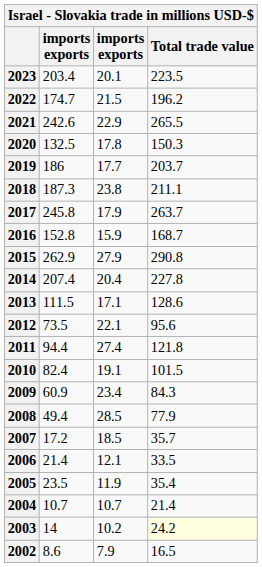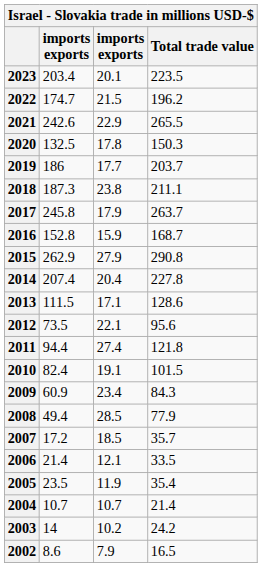 <table class="wikitable">
 <tr>
 <th colspan="4">Israel - Slovakia trade in millions USD-$</th>
 </tr>
 <tr>
 <th></th>
 <th> imports<br> exports</th>
 <th> imports<br> exports</th>
 <th>Total trade value</th>
 </tr>
 <tr>
 <th>2023</th>
 <td>203.4</td>
 <td>20.1</td>
 <td>223.5</td>
 </tr>
 <tr>
 <th>2022</th>
 <td>174.7</td>
 <td>21.5</td>
 <td>196.2</td>
 </tr>
 <tr>
 <th>2021</th>
 <td>242.6</td>
 <td>22.9</td>
 <td>265.5</td>
 </tr>
 <tr>
 <th>2020</th>
 <td>132.5</td>
 <td>17.8</td>
 <td>150.3</td>
 </tr>
 <tr>
 <th>2019</th>
 <td>186</td>
 <td>17.7</td>
 <td>203.7</td>
 </tr>
 <tr>
 <th>2018</th>
 <td>187.3</td>
 <td>23.8</td>
 <td>211.1</td>
 </tr>
 <tr>
 <th>2017</th>
 <td>245.8</td>
 <td>17.9</td>
 <td>263.7</td>
 </tr>
 <tr>
 <th>2016</th>
 <td>152.8</td>
 <td>15.9</td>
 <td>168.7</td>
 </tr>
 <tr>
 <th>2015</th>
 <td>262.9</td>
 <td>27.9</td>
 <td>290.8</td>
 </tr>
 <tr>
 <th>2014</th>
 <td>207.4</td>
 <td>20.4</td>
 <td>227.8</td>
 </tr>
 <tr>
 <th>2013</th>
 <td>111.5</td>
 <td>17.1</td>
 <td>128.6</td>
 </tr>
 <tr>
 <th>2012</th>
 <td>73.5</td>
 <td>22.1</td>
 <td>95.6</td>
 </tr>
 <tr>
 <th>2011</th>
 <td>94.4</td>
 <td>27.4</td>
 <td>121.8</td>
 </tr>
 <tr>
 <th>2010</th>
 <td>82.4</td>
 <td>19.1</td>
 <td>101.5</td>
 </tr>
 <tr>
 <th>2009</th>
 <td>60.9</td>
 <td>23.4</td>
 <td>84.3</td>
 </tr>
 <tr>
 <th>2008</th>
 <td>49.4</td>
 <td>28.5</td>
 <td>77.9</td>
 </tr>
 <tr>
 <th>2007</th>
 <td>17.2</td>
 <td>18.5</td>
 <td>35.7</td>
 </tr>
 <tr>
 <th>2006</th>
 <td>21.4</td>
 <td>12.1</td>
 <td>33.5</td>
 </tr>
 <tr>
 <th>2005</th>
 <td>23.5</td>
 <td>11.9</td>
 <td>35.4</td>
 </tr>
 <tr>
 <th>2004</th>
 <td>10.7</td>
 <td>10.7</td>
 <td>21.4</td>
 </tr>
 <tr>
 <th>2003</th>
 <td>14</td>
 <td>10.2</td>
-<td style="background: lightyellow;">24.2</td>
+<td>24.2</td>
 </tr>
 <tr>
 <th>2002</th>
 <td>8.6</td>
 <td>7.9</td>
 <td>16.5</td>
 </tr>
 </table>
